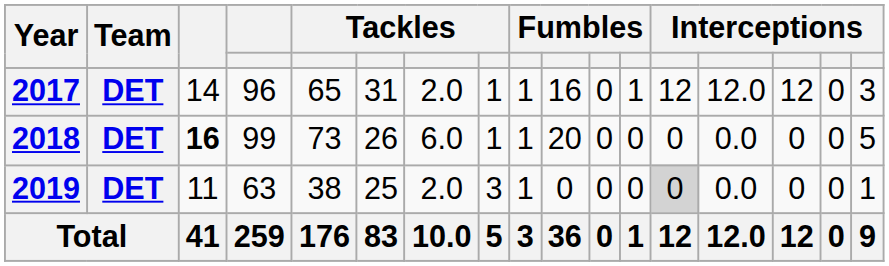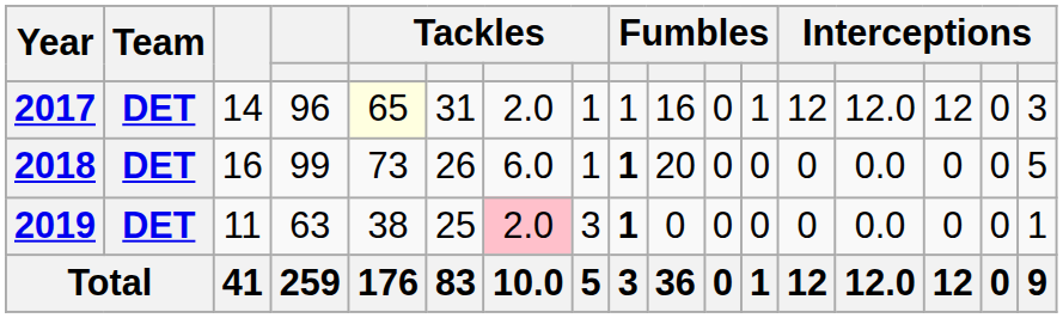 <table class="wikitable" style="text-align:center;">
 <tr>
 <th rowspan="2">Year</th>
 <th rowspan="2">Team</th>
 <th rowspan="2"></th>
 <th rowspan=“2”></th>
 <th colspan="4">Tackles</th>
 <th colspan="4">Fumbles</th>
 <th colspan="6">Interceptions</th>
 </tr>
 <tr>
 <th></th>
 <th></th>
 <th></th>
 <th></th>
 <th></th>
 <th></th>
 <th></th>
 <th></th>
 <th></th>
 <th></th>
 <th></th>
 <th></th>
 <th></th>
 <th></th>
 </tr>
 <tr>
 <th><a href='#'>2017</a></th>
 <th><a href='#'>DET</a></th>
 <td>14</td>
 <td>96</td>
-<td>65</td>
+<td style="background: lightyellow;">65</td>
 <td>31</td>
 <td>2.0</td>
 <td>1</td>
 <td>1</td>
 <td>16</td>
 <td>0</td>
 <td>1</td>
 <td>12</td>
 <td>12.0</td>
 <td>12</td>
 <td>0</td>
 <td>3</td>
 </tr>
 <tr>
 <th><a href='#'>2018</a></th>
 <th><a href='#'>DET</a></th>
-<td><strong>16</strong></td>
+<td>16</td>
 <td>99</td>
 <td>73</td>
 <td>26</td>
 <td>6.0</td>
 <td>1</td>
-<td>1</td>
+<td><strong>1</strong></td>
 <td>20</td>
 <td>0</td>
 <td>0</td>
 <td>0</td>
 <td>0.0</td>
 <td>0</td>
 <td>0</td>
 <td>5</td>
 </tr>
 <tr>
 <th><a href='#'>2019</a></th>
 <th><a href='#'>DET</a></th>
 <td>11</td>
 <td>63</td>
 <td>38</td>
 <td>25</td>
-<td>2.0</td>
+<td style="background: pink;">2.0</td>
 <td>3</td>
-<td>1</td>
+<td><strong>1</strong></td>
 <td>0</td>
 <td>0</td>
 <td>0</td>
-<td style="background: lightgrey;">0</td>
+<td>0</td>
 <td>0.0</td>
 <td>0</td>
 <td>0</td>
 <td>1</td>
 </tr>
 <tr>
 <th colspan="2">Total</th>
 <th>41</th>
 <th>259</th>
 <th>176</th>
 <th>83</th>
 <th>10.0</th>
 <th>5</th>
 <th>3</th>
 <th>36</th>
 <th>0</th>
 <th>1</th>
 <th>12</th>
 <th>12.0</th>
 <th>12</th>
 <th>0</th>
 <th>9</th>
 </tr>
 </table>
